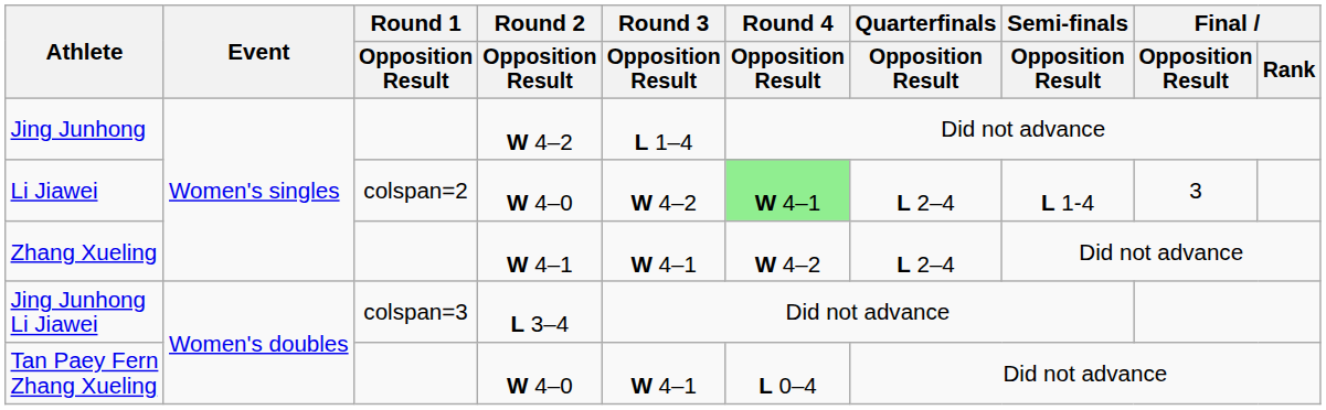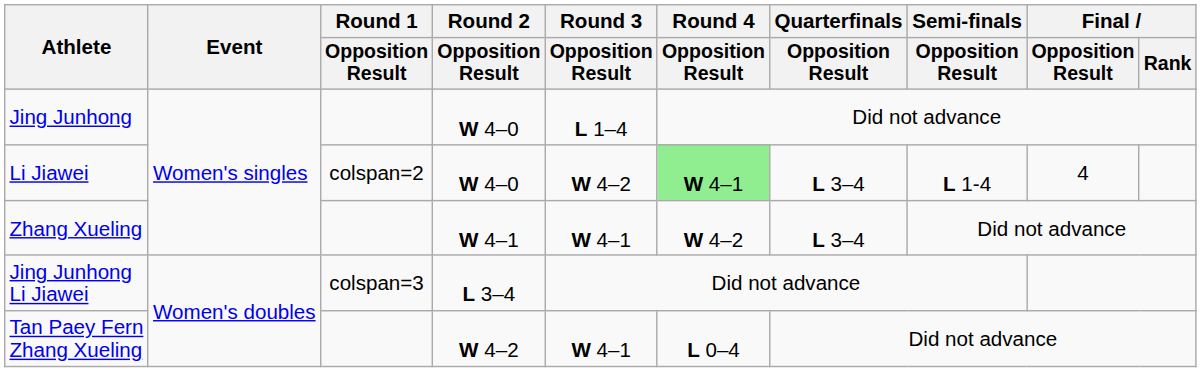 <table class="wikitable" style="font-size:90%">
 <tr>
 <th rowspan="2">Athlete</th>
 <th rowspan="2">Event</th>
 <th>Round 1</th>
 <th>Round 2</th>
 <th>Round 3</th>
 <th>Round 4</th>
 <th>Quarterfinals</th>
 <th>Semi-finals</th>
 <th colspan=2>Final / </th>
 </tr>
 <tr style="font-size:95%">
 <th>Opposition<br>Result</th>
 <th>Opposition<br>Result</th>
 <th>Opposition<br>Result</th>
 <th>Opposition<br>Result</th>
 <th>Opposition<br>Result</th>
 <th>Opposition<br>Result</th>
 <th>Opposition<br>Result</th>
 <th>Rank</th>
 </tr>
 <tr align=center>
 <td align=left><a href='#'>Jing Junhong</a></td>
 <td align=left rowspan=3><a href='#'>Women's singles</a></td>
 <td></td>
-<td><br><strong>W</strong> 4–2</td>
+<td><br><strong>W</strong> 4–0</td>
 <td><br><strong>L</strong> 1–4</td>
 <td colspan=5>Did not advance</td>
 </tr>
 <tr align=center>
 <td align=left><a href='#'>Li Jiawei</a></td>
 <td>colspan=2 </td>
 <td><br><strong>W</strong> 4–0</td>
 <td><br><strong>W</strong> 4–2</td>
 <td style="background: lightgreen;"><br><strong>W</strong> 4–1</td>
-<td><br><strong>L</strong> 2–4</td>
+<td><br><strong>L</strong> 3–4</td>
 <td><br><strong>L</strong> 1-4</td>
-<td>3</td>
+<td>4</td>
 </tr>
 <tr align=center>
 <td align=left><a href='#'>Zhang Xueling</a></td>
 <td></td>
 <td><br><strong>W</strong> 4–1</td>
 <td><br><strong>W</strong> 4–1</td>
 <td><br><strong>W</strong> 4–2</td>
-<td><br><strong>L</strong> 2–4</td>
+<td><br><strong>L</strong> 3–4</td>
 <td colspan=3>Did not advance</td>
 </tr>
 <tr align=center>
 <td align=left><a href='#'>Jing Junhong</a><br><a href='#'>Li Jiawei</a></td>
 <td align=left rowspan=2><a href='#'>Women's doubles</a></td>
 <td>colspan=3 </td>
 <td><br><strong>L</strong> 3–4</td>
 <td colspan=4>Did not advance</td>
 </tr>
 <tr align=center>
 <td align=left><a href='#'>Tan Paey Fern</a><br><a href='#'>Zhang Xueling</a></td>
 <td></td>
-<td><br><strong>W</strong> 4–0</td>
+<td><br><strong>W</strong> 4–2</td>
 <td><br><strong>W</strong> 4–1</td>
 <td><br><strong>L</strong> 0–4</td>
 <td colspan=4>Did not advance</td>
 </tr>
 </table>
